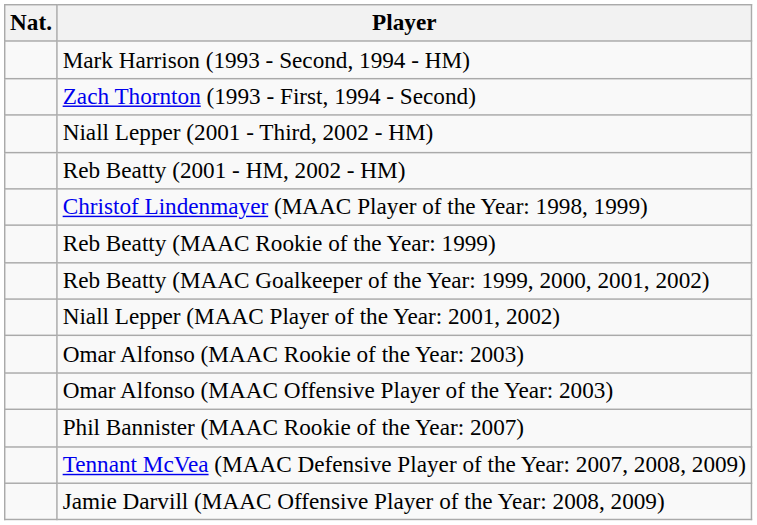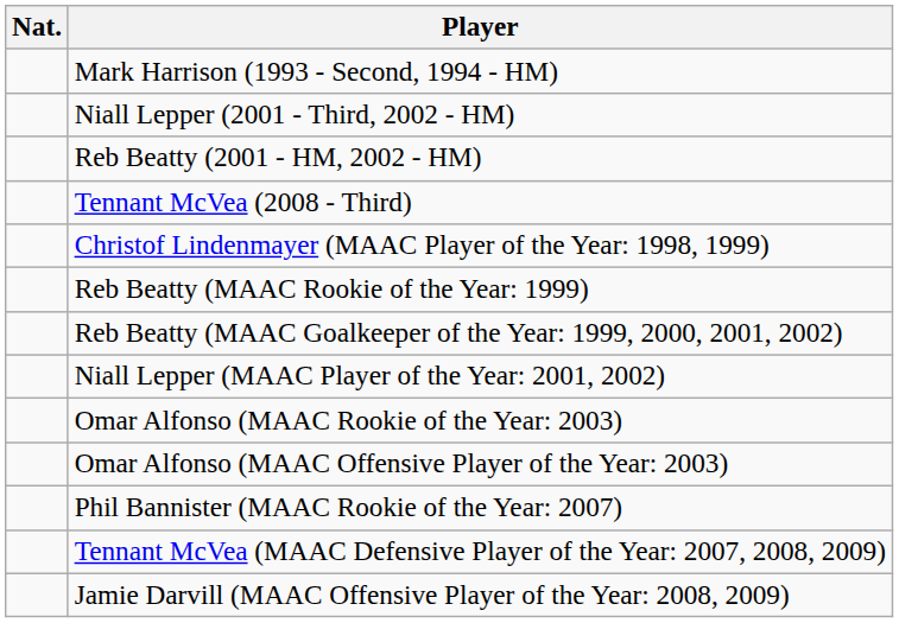 <table class= "wikitable">
 <tr>
 <th width=px>Nat.</th>
 <th width=px>Player</th>
 </tr>
 <tr>
 <td></td>
 <td>Mark Harrison (1993 - Second, 1994 - HM)</td>
 </tr>
 <tr>
 <td></td>
-<td><a href='#'>Zach Thornton</a> (1993 - First, 1994 - Second)</td>
-</tr>
-<tr>
-<td></td>
 <td>Niall Lepper (2001 - Third, 2002 - HM)</td>
 </tr>
 <tr>
 <td></td>
 <td>Reb Beatty (2001 - HM, 2002 - HM)</td>
+</tr>
+<tr>
+<td></td>
+<td><a href='#'>Tennant McVea</a> (2008 - Third)</td>
 </tr>
 <tr>
 <td></td>
 <td><a href='#'>Christof Lindenmayer</a> (MAAC Player of the Year: 1998, 1999)</td>
 </tr>
 <tr>
 <td></td>
 <td>Reb Beatty (MAAC Rookie of the Year: 1999)</td>
 </tr>
 <tr>
 <td></td>
 <td>Reb Beatty (MAAC Goalkeeper of the Year: 1999, 2000, 2001, 2002)</td>
 </tr>
 <tr>
 <td></td>
 <td>Niall Lepper (MAAC Player of the Year: 2001, 2002)</td>
 </tr>
 <tr>
 <td></td>
 <td>Omar Alfonso (MAAC Rookie of the Year: 2003)</td>
 </tr>
 <tr>
 <td></td>
 <td>Omar Alfonso (MAAC Offensive Player of the Year: 2003)</td>
 </tr>
 <tr>
 <td></td>
 <td>Phil Bannister (MAAC Rookie of the Year: 2007)</td>
 </tr>
 <tr>
 <td></td>
 <td><a href='#'>Tennant McVea</a> (MAAC Defensive Player of the Year: 2007, 2008, 2009)</td>
 </tr>
 <tr>
 <td></td>
 <td>Jamie Darvill (MAAC Offensive Player of the Year: 2008, 2009)</td>
 </tr>
 </table>
